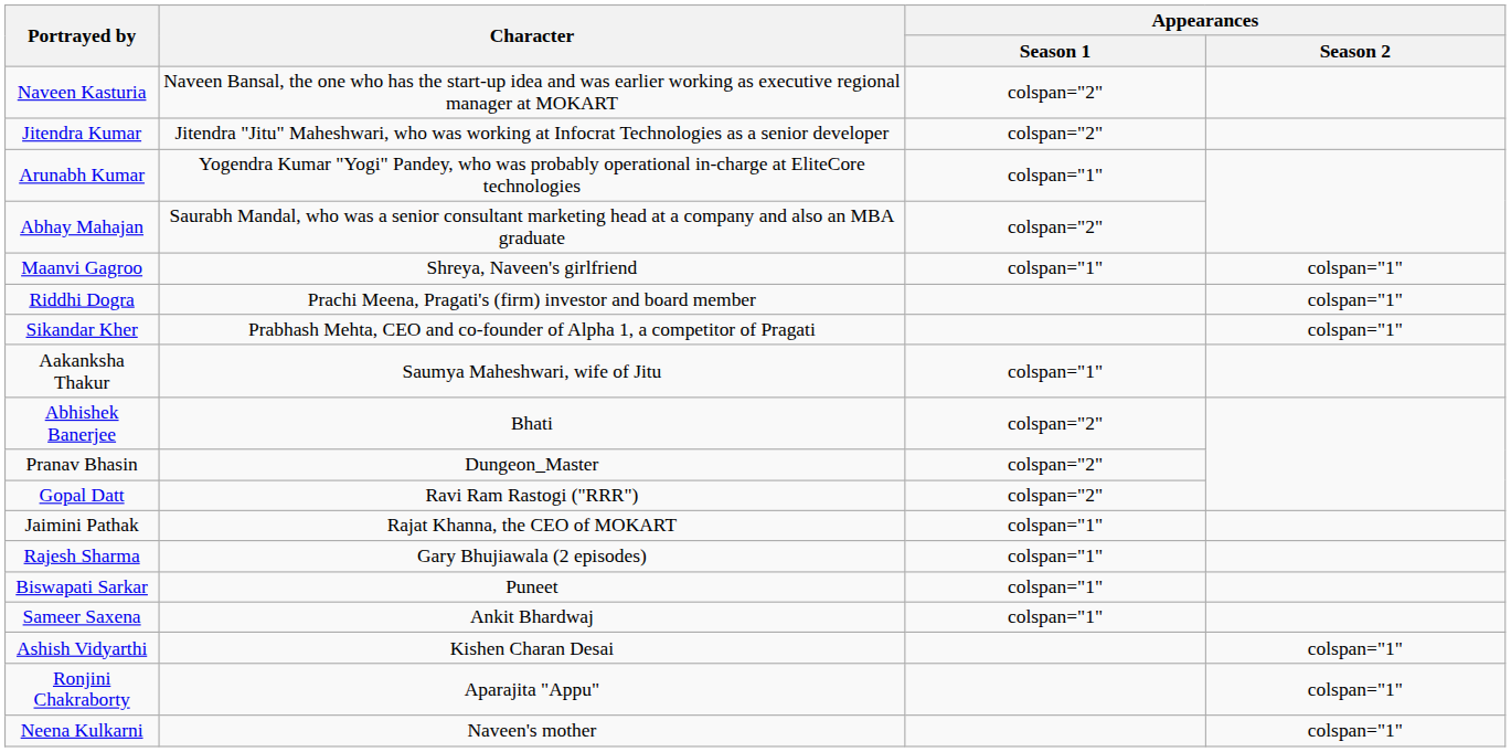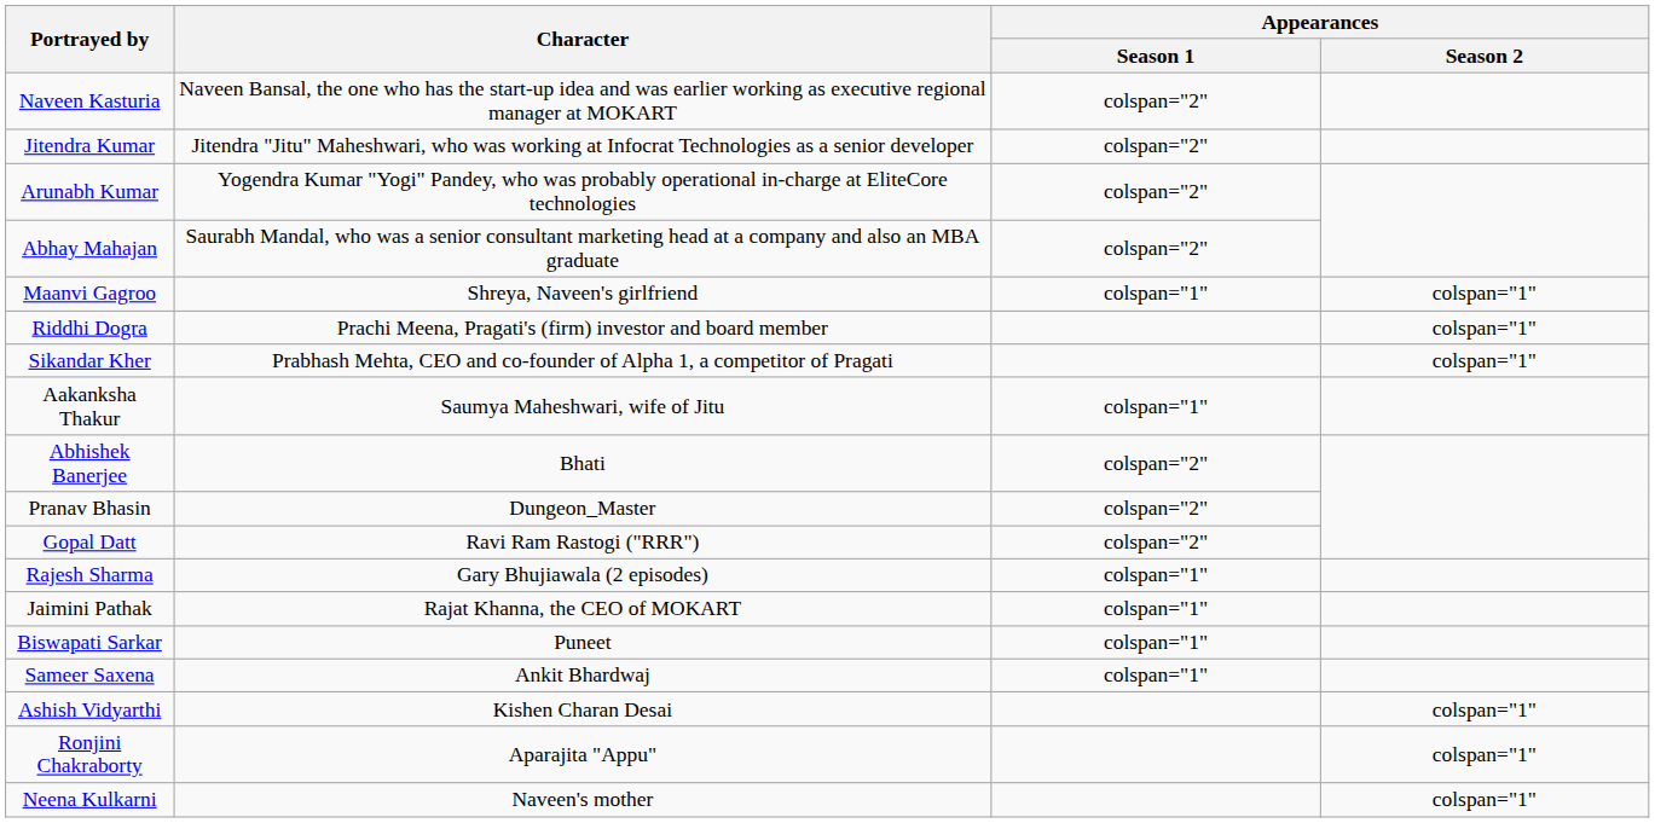 <table class="wikitable" style="text-align:center; width:auto">
 <tr>
 <th scope="col" rowspan="2">Portrayed by</th>
 <th scope="col" rowspan="2">Character</th>
 <th scope="col" colspan="2">Appearances</th>
 </tr>
 <tr>
 <th scope="col" style="width:20%;">Season 1</th>
 <th scope="col" style="width:20%;">Season 2</th>
 </tr>
 <tr>
 <td><a href='#'>Naveen Kasturia</a></td>
 <td>Naveen Bansal, the one who has the start-up idea and was earlier working as executive regional manager at MOKART</td>
 <td>colspan="2" </td>
 </tr>
 <tr>
 <td><a href='#'>Jitendra Kumar</a></td>
 <td>Jitendra "Jitu" Maheshwari, who was working at Infocrat Technologies as a senior developer</td>
 <td>colspan="2" </td>
 <td></td>
 </tr>
 <tr>
 <td><a href='#'>Arunabh Kumar</a></td>
 <td>Yogendra Kumar "Yogi" Pandey, who was probably operational in-charge at EliteCore technologies</td>
-<td>colspan="1" </td>
+<td>colspan="2" </td>
 </tr>
 <tr>
 <td><a href='#'>Abhay Mahajan</a></td>
 <td>Saurabh Mandal, who was a senior consultant marketing head at a company and also an MBA graduate</td>
 <td>colspan="2" </td>
 </tr>
 <tr>
 <td><a href='#'>Maanvi Gagroo</a></td>
 <td>Shreya, Naveen's girlfriend</td>
 <td>colspan="1" </td>
 <td>colspan="1" </td>
 </tr>
 <tr>
 <td><a href='#'>Riddhi Dogra</a></td>
 <td>Prachi Meena, Pragati's (firm) investor and board member</td>
 <td></td>
 <td>colspan="1" </td>
 </tr>
 <tr>
 <td><a href='#'>Sikandar Kher</a></td>
 <td>Prabhash Mehta, CEO and co-founder of Alpha 1, a competitor of Pragati</td>
 <td></td>
 <td>colspan="1" </td>
 </tr>
 <tr>
 <td>Aakanksha Thakur</td>
 <td>Saumya Maheshwari, wife of Jitu</td>
 <td>colspan="1" </td>
 <td></td>
 </tr>
 <tr>
 <td><a href='#'>Abhishek Banerjee</a></td>
 <td>Bhati</td>
 <td>colspan="2" </td>
 </tr>
 <tr>
 <td>Pranav Bhasin</td>
 <td>Dungeon_Master</td>
 <td>colspan="2" </td>
 </tr>
 <tr>
 <td><a href='#'>Gopal Datt</a></td>
 <td>Ravi Ram Rastogi ("RRR")</td>
 <td>colspan="2" </td>
 </tr>
 <tr>
-<td>Jaimini Pathak</td>
-<td>Rajat Khanna, the CEO of MOKART</td>
+<td><a href='#'>Rajesh Sharma</a></td>
+<td>Gary Bhujiawala (2 episodes)</td>
 <td>colspan="1" </td>
 <td></td>
 </tr>
 <tr>
-<td><a href='#'>Rajesh Sharma</a></td>
-<td>Gary Bhujiawala (2 episodes)</td>
+<td>Jaimini Pathak</td>
+<td>Rajat Khanna, the CEO of MOKART</td>
 <td>colspan="1" </td>
 <td></td>
 </tr>
 <tr>
 <td><a href='#'>Biswapati Sarkar</a></td>
 <td>Puneet</td>
 <td>colspan="1" </td>
 <td></td>
 </tr>
 <tr>
 <td><a href='#'>Sameer Saxena</a></td>
 <td>Ankit Bhardwaj</td>
 <td>colspan="1" </td>
 <td></td>
 </tr>
 <tr>
 <td><a href='#'>Ashish Vidyarthi</a></td>
 <td>Kishen Charan Desai</td>
 <td></td>
 <td>colspan="1" </td>
 </tr>
 <tr>
 <td><a href='#'>Ronjini Chakraborty</a></td>
 <td>Aparajita "Appu"</td>
 <td></td>
 <td>colspan="1" </td>
 </tr>
 <tr>
 <td><a href='#'>Neena Kulkarni</a></td>
 <td>Naveen's mother</td>
 <td></td>
 <td>colspan="1" </td>
 </tr>
 </table>
